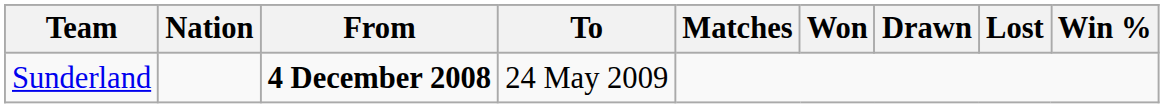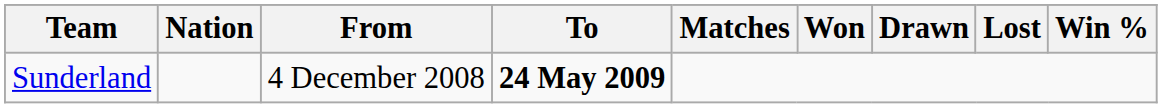 <table class="wikitable" style="text-align: center">
 <tr>
 <th>Team</th>
 <th>Nation</th>
 <th>From</th>
 <th class="unsortable">To</th>
 <th>Matches</th>
 <th>Won</th>
 <th>Drawn</th>
 <th>Lost</th>
 <th>Win %</th>
 </tr>
 <tr>
 <td align=left><a href='#'>Sunderland</a></td>
 <td></td>
-<td align=left><strong>4 December 2008</strong></td>
-<td align=left>24 May 2009<br></td>
+<td align=left>4 December 2008</td>
+<td align=left><strong>24 May 2009<br></strong></td>
 </tr>
 </table>
